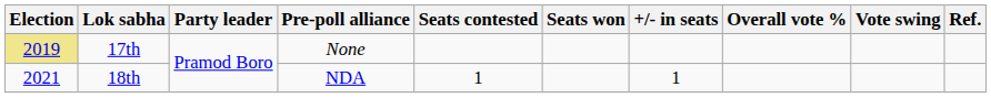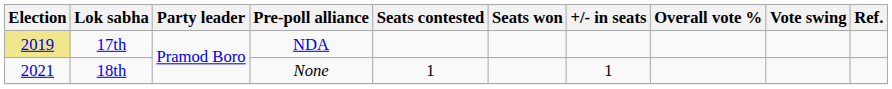 <table class="wikitable" style="text-align:center">
 <tr>
 <th style="background-color:">Election</th>
 <th style="background-color:">Lok sabha</th>
 <th style="background-color:">Party leader</th>
 <th style="background-color:">Pre-poll alliance</th>
 <th style="background-color:">Seats contested</th>
 <th style="background-color:">Seats won</th>
 <th style="background-color:">+/- in seats</th>
 <th style="background-color:">Overall vote %</th>
 <th style="background-color:">Vote swing</th>
 <th style="background-color:">Ref.</th>
 </tr>
 <tr>
 <td style="background: khaki;"><a href='#'>2019</a></td>
 <td><a href='#'>17th</a></td>
 <td rowspan=2><a href='#'>Pramod Boro</a></td>
-<td><em>None</em></td>
+<td><a href='#'>NDA</a></td>
 <td></td>
 <td></td>
 <td></td>
 <td></td>
 <td></td>
 <td></td>
 </tr>
 <tr>
 <td><a href='#'>2021</a></td>
 <td><a href='#'>18th</a></td>
-<td><a href='#'>NDA</a></td>
+<td><em>None</em></td>
 <td>1</td>
 <td></td>
 <td>1</td>
 <td></td>
 <td></td>
 <td></td>
 </tr>
 <tr>
 </tr>
 </table>
